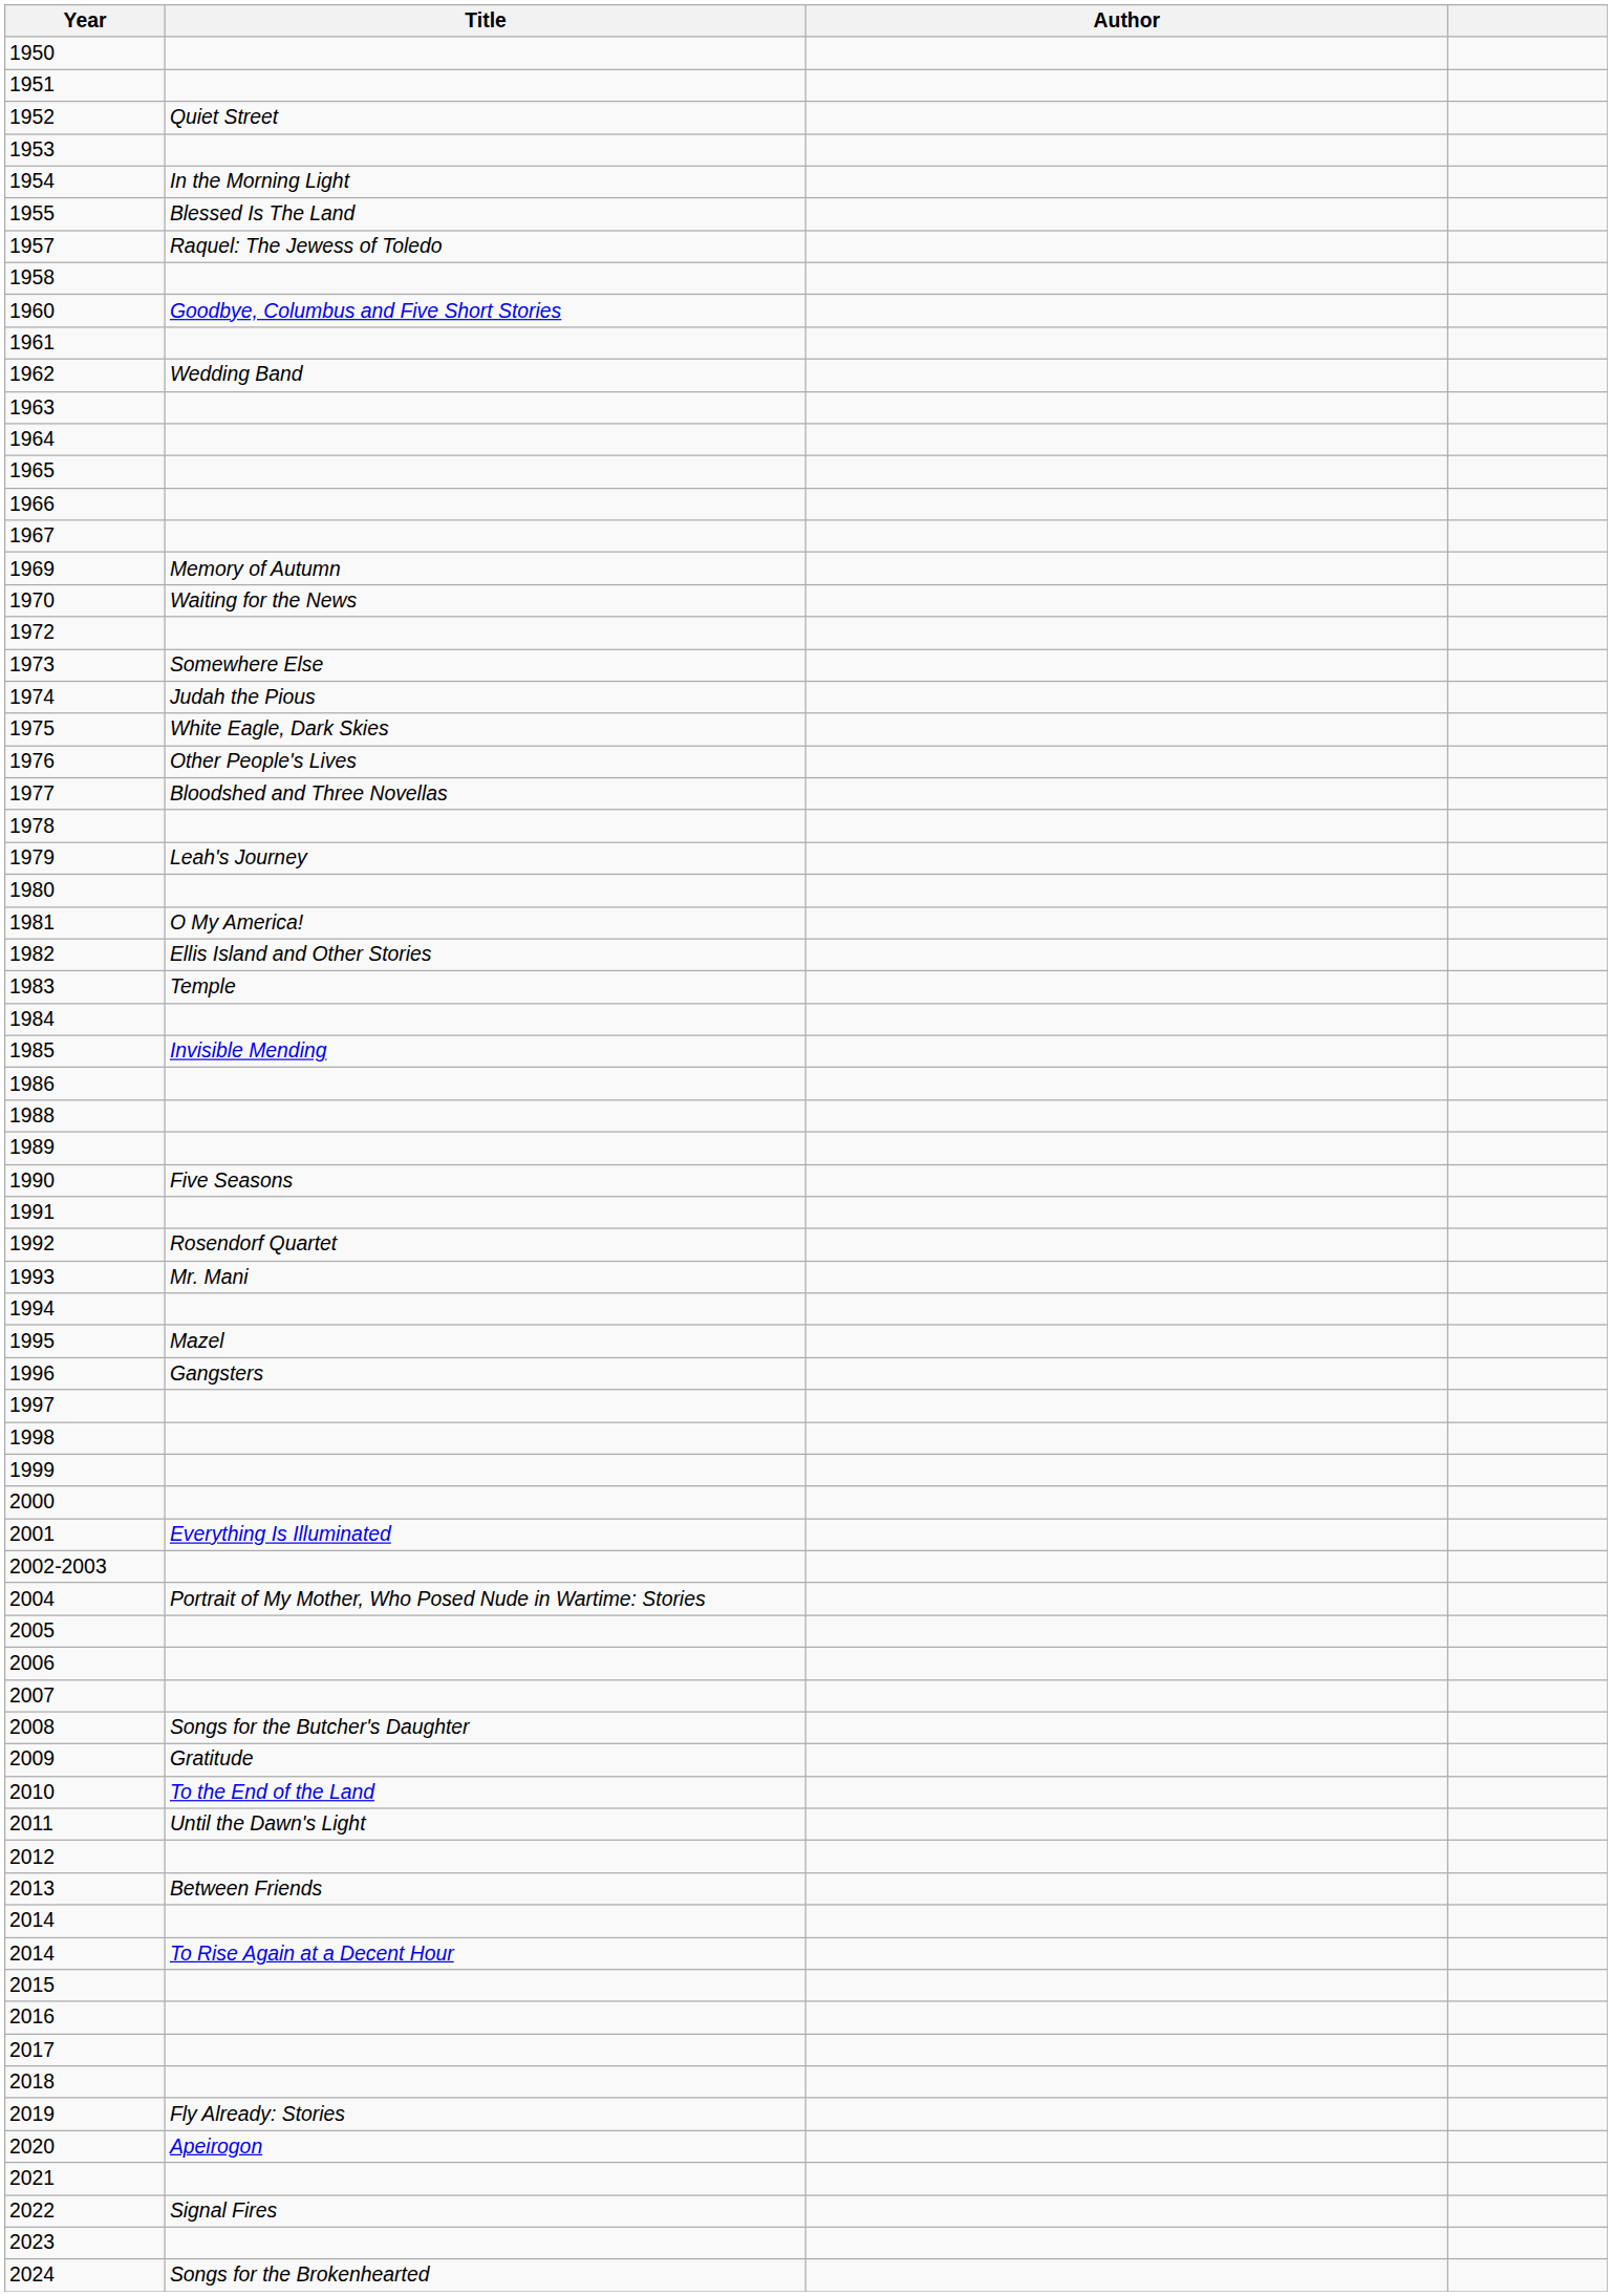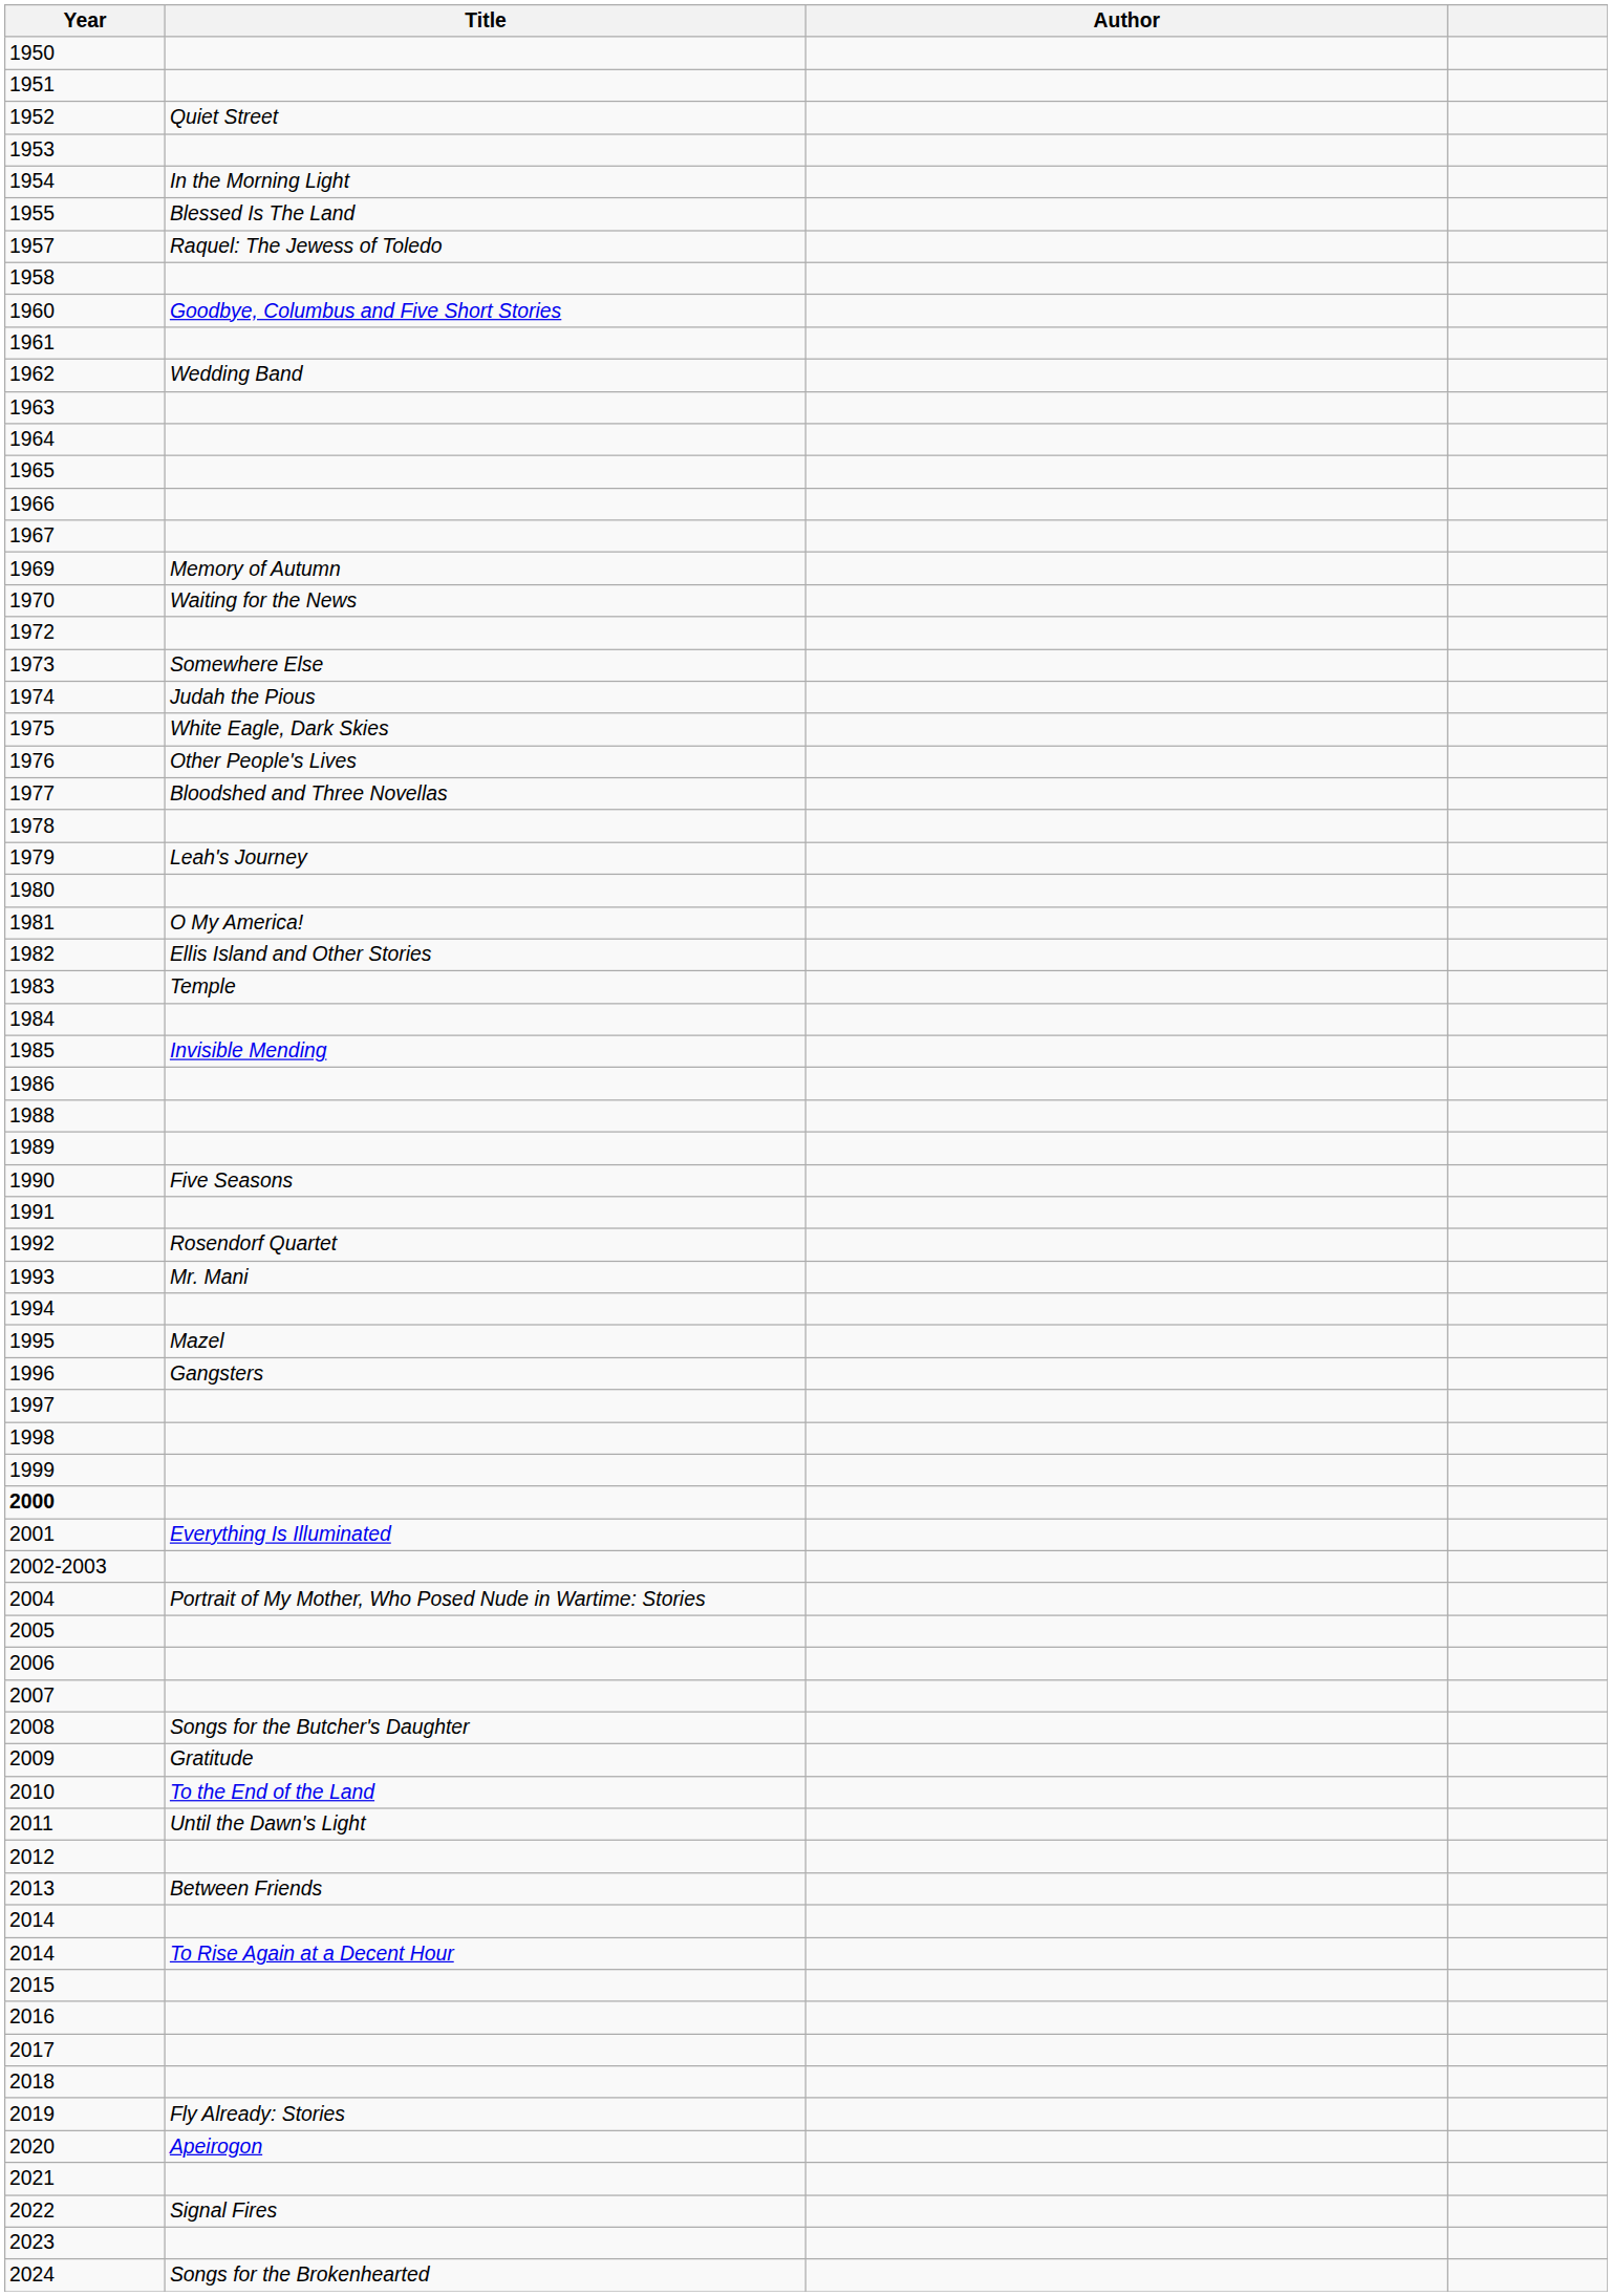 <table class="wikitable sortable" style="width:100%">
 <tr>
 <th scope="col" style="width:10%">Year</th>
 <th scope="col" style="width:40%">Title</th>
 <th scope="col" style="width:40%">Author</th>
 <th scope="col" style="width:10%"></th>
 </tr>
 <tr>
 <td>1950</td>
 <td><em></em></td>
 <td></td>
 <td></td>
 </tr>
 <tr>
 <td>1951</td>
 <td><em></em></td>
 <td></td>
 <td></td>
 </tr>
 <tr>
 <td>1952</td>
 <td><em>Quiet Street</em></td>
 <td></td>
 <td></td>
 </tr>
 <tr>
 <td>1953</td>
 <td><em></em></td>
 <td></td>
 <td></td>
 </tr>
 <tr>
 <td>1954</td>
 <td><em>In the Morning Light</em></td>
 <td></td>
 <td></td>
 </tr>
 <tr>
 <td>1955</td>
 <td><em>Blessed Is The Land</em></td>
 <td></td>
 <td></td>
 </tr>
 <tr>
 <td>1957</td>
 <td><em>Raquel: The Jewess of Toledo</em></td>
 <td></td>
 <td></td>
 </tr>
 <tr>
 <td>1958</td>
 <td><em></em></td>
 <td></td>
 <td></td>
 </tr>
 <tr>
 <td>1960</td>
 <td><em><a href='#'>Goodbye, Columbus and Five Short Stories</a></em></td>
 <td></td>
 <td></td>
 </tr>
 <tr>
 <td>1961</td>
 <td><em></em></td>
 <td></td>
 <td></td>
 </tr>
 <tr>
 <td>1962</td>
 <td><em>Wedding Band</em></td>
 <td></td>
 <td></td>
 </tr>
 <tr>
 <td>1963</td>
 <td><em></em></td>
 <td></td>
 <td></td>
 </tr>
 <tr>
 <td>1964</td>
 <td><em></em></td>
 <td></td>
 <td></td>
 </tr>
 <tr>
 <td>1965</td>
 <td><em></em></td>
 <td></td>
 <td></td>
 </tr>
 <tr>
 <td>1966</td>
 <td><em></em></td>
 <td></td>
 <td></td>
 </tr>
 <tr>
 <td>1967</td>
 <td><em></em></td>
 <td></td>
 <td></td>
 </tr>
 <tr>
 <td>1969</td>
 <td><em>Memory of Autumn</em></td>
 <td></td>
 <td></td>
 </tr>
 <tr>
 <td>1970</td>
 <td><em>Waiting for the News</em></td>
 <td></td>
 <td></td>
 </tr>
 <tr>
 <td>1972</td>
 <td><em></em></td>
 <td></td>
 <td></td>
 </tr>
 <tr>
 <td>1973</td>
 <td><em>Somewhere Else</em></td>
 <td></td>
 <td></td>
 </tr>
 <tr>
 <td>1974</td>
 <td><em>Judah the Pious</em></td>
 <td></td>
 <td></td>
 </tr>
 <tr>
 <td>1975</td>
 <td><em>White Eagle, Dark Skies</em></td>
 <td></td>
 <td></td>
 </tr>
 <tr>
 <td>1976</td>
 <td><em>Other People's Lives</em></td>
 <td></td>
 <td></td>
 </tr>
 <tr>
 <td>1977</td>
 <td><em>Bloodshed and Three Novellas</em></td>
 <td></td>
 <td></td>
 </tr>
 <tr>
 <td>1978</td>
 <td><em></em></td>
 <td></td>
 <td></td>
 </tr>
 <tr>
 <td>1979</td>
 <td><em>Leah's Journey</em></td>
 <td></td>
 <td></td>
 </tr>
 <tr>
 <td>1980</td>
 <td><em></em></td>
 <td></td>
 <td></td>
 </tr>
 <tr>
 <td>1981</td>
 <td><em>O My America!</em></td>
 <td></td>
 <td></td>
 </tr>
 <tr>
 <td>1982</td>
 <td><em>Ellis Island and Other Stories</em></td>
 <td></td>
 <td></td>
 </tr>
 <tr>
 <td>1983</td>
 <td><em>Temple</em></td>
 <td></td>
 <td></td>
 </tr>
 <tr>
 <td>1984</td>
 <td><em></em></td>
 <td></td>
 <td></td>
 </tr>
 <tr>
 <td>1985</td>
 <td><em><a href='#'>Invisible Mending</a></em></td>
 <td></td>
 <td></td>
 </tr>
 <tr>
 <td>1986</td>
 <td><em></em></td>
 <td></td>
 <td></td>
 </tr>
 <tr>
 <td>1988</td>
 <td><em></em></td>
 <td></td>
 <td></td>
 </tr>
 <tr>
 <td>1989</td>
 <td><em></em></td>
 <td></td>
 <td></td>
 </tr>
 <tr>
 <td>1990</td>
 <td><em>Five Seasons</em></td>
 <td></td>
 <td></td>
 </tr>
 <tr>
 <td>1991</td>
 <td><em></em></td>
 <td></td>
 <td></td>
 </tr>
 <tr>
 <td>1992</td>
 <td><em>Rosendorf Quartet</em></td>
 <td></td>
 <td></td>
 </tr>
 <tr>
 <td>1993</td>
 <td><em>Mr. Mani</em></td>
 <td></td>
 <td></td>
 </tr>
 <tr>
 <td>1994</td>
 <td><em></em></td>
 <td></td>
 <td></td>
 </tr>
 <tr>
 <td>1995</td>
 <td><em>Mazel</em></td>
 <td></td>
 <td></td>
 </tr>
 <tr>
 <td>1996</td>
 <td><em>Gangsters</em></td>
 <td></td>
 <td></td>
 </tr>
 <tr>
 <td>1997</td>
 <td><em></em></td>
 <td></td>
 <td></td>
 </tr>
 <tr>
 <td>1998</td>
 <td><em></em></td>
 <td></td>
 <td></td>
 </tr>
 <tr>
 <td>1999</td>
 <td><em></em></td>
 <td></td>
 <td></td>
 </tr>
 <tr>
-<td>2000</td>
+<td><strong>2000</strong></td>
 <td><em></em></td>
 <td></td>
 <td></td>
 </tr>
 <tr>
 <td>2001</td>
 <td><em><a href='#'>Everything Is Illuminated</a></em></td>
 <td></td>
 <td></td>
 </tr>
 <tr>
 <td>2002-2003</td>
 <td><em></em></td>
 <td></td>
 <td></td>
 </tr>
 <tr>
 <td>2004</td>
 <td><em>Portrait of My Mother, Who Posed Nude in Wartime: Stories</em></td>
 <td></td>
 <td></td>
 </tr>
 <tr>
 <td>2005</td>
 <td><em></em></td>
 <td></td>
 <td></td>
 </tr>
 <tr>
 <td>2006</td>
 <td><em></em></td>
 <td></td>
 <td></td>
 </tr>
 <tr>
 <td>2007</td>
 <td><em></em></td>
 <td></td>
 <td></td>
 </tr>
 <tr>
 <td>2008</td>
 <td><em>Songs for the Butcher's Daughter</em></td>
 <td></td>
 <td></td>
 </tr>
 <tr>
 <td>2009</td>
 <td><em>Gratitude</em></td>
 <td></td>
 <td></td>
 </tr>
 <tr>
 <td>2010</td>
 <td><em><a href='#'>To the End of the Land</a></em></td>
 <td></td>
 <td></td>
 </tr>
 <tr>
 <td>2011</td>
 <td><em>Until the Dawn's Light</em></td>
 <td></td>
 <td></td>
 </tr>
 <tr>
 <td>2012</td>
 <td><em></em></td>
 <td></td>
 <td></td>
 </tr>
 <tr>
 <td>2013</td>
 <td><em>Between Friends</em></td>
 <td></td>
 <td></td>
 </tr>
 <tr>
 <td>2014</td>
 <td><em></em></td>
 <td></td>
 <td></td>
 </tr>
 <tr>
 <td>2014</td>
 <td><em><a href='#'>To Rise Again at a Decent Hour</a></em></td>
 <td></td>
 <td></td>
 </tr>
 <tr>
 <td>2015</td>
 <td><em></em></td>
 <td></td>
 <td></td>
 </tr>
 <tr>
 <td>2016</td>
 <td><em></em></td>
 <td></td>
 <td></td>
 </tr>
 <tr>
 <td>2017</td>
 <td><em></em></td>
 <td></td>
 <td></td>
 </tr>
 <tr>
 <td>2018</td>
 <td><em></em></td>
 <td></td>
 <td></td>
 </tr>
 <tr>
 <td>2019</td>
 <td><em>Fly Already: Stories</em></td>
 <td></td>
 <td></td>
 </tr>
 <tr>
 <td>2020</td>
 <td><a href='#'><em>Apeirogon</em></a></td>
 <td></td>
 <td></td>
 </tr>
 <tr>
 <td>2021</td>
 <td><em></em></td>
 <td></td>
 <td></td>
 </tr>
 <tr>
 <td>2022</td>
 <td><em>Signal Fires</em></td>
 <td></td>
 <td></td>
 </tr>
 <tr>
 <td>2023</td>
 <td><em></em></td>
 <td></td>
 <td></td>
 </tr>
 <tr>
 <td>2024</td>
 <td><em>Songs for the Brokenhearted</em></td>
 <td></td>
 <td></td>
 </tr>
 </table>
